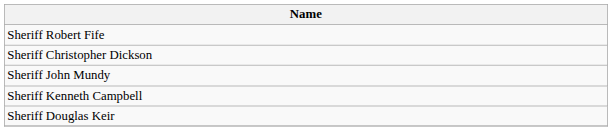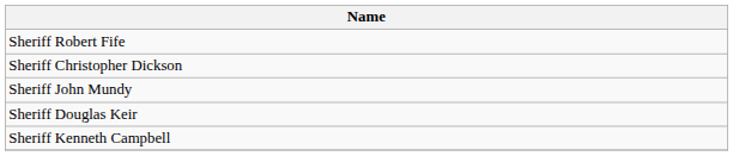 <table class="wikitable sortable" style="text-align:left">
 <tr>
 <th style="width: 25%;">Name</th>
 </tr>
 <tr>
 <td>Sheriff Robert Fife</td>
 </tr>
 <tr>
 <td>Sheriff Christopher Dickson</td>
 </tr>
 <tr>
 <td>Sheriff John Mundy</td>
 </tr>
 <tr>
-<td>Sheriff Kenneth Campbell</td>
+<td>Sheriff Douglas Keir</td>
 </tr>
 <tr>
-<td>Sheriff Douglas Keir</td>
+<td>Sheriff Kenneth Campbell</td>
 </tr>
 <tr>
 </tr>
 </table>
